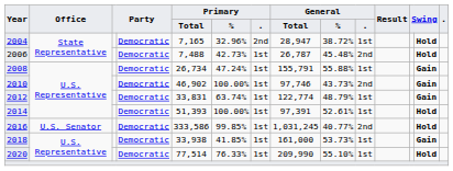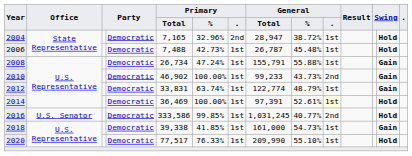 <table class="wikitable" style="font-size:90%; text-align:center;">
 <tr>
 <th style="background-color:#EAECF0;" rowspan=2>Year</th>
 <th style="background-color:#EAECF0;" rowspan=2>Office</th>
 <th style="background-color:#EAECF0;" colspan=2 rowspan=2>Party</th>
 <th style="background-color:#EAECF0;" colspan=3>Primary</th>
 <th style="background-color:#EAECF0;" colspan=3>General</th>
 <th style="background-color:#EAECF0;" rowspan=2>Result</th>
 <th style="background-color:#EAECF0;" colspan=2 rowspan=2><a href='#'>Swing</a></th>
 <th style="background-color:#EAECF0;" rowspan=2>.</th>
 </tr>
 <tr>
 <th style="background-color:#EAECF0;">Total</th>
 <th style="background-color:#EAECF0;">%</th>
 <th style="background-color:#EAECF0;">.</th>
 <th style="background-color:#EAECF0;">Total</th>
 <th style="background-color:#EAECF0;">%</th>
 <th style="background-color:#EAECF0;">.</th>
 </tr>
 <tr>
 <td style="background-color:#EAECF0;"><a href='#'>2004</a></td>
 <td rowspan=2><a href='#'>State Representative</a></td>
 <td style="background-color:"></td>
 <td><a href='#'>Democratic</a></td>
 <td>7,165</td>
 <td>32.96%</td>
 <td>2nd</td>
 <td>28,947</td>
 <td>38.72%</td>
 <td>1st</td>
 <td></td>
 <td style="background-color:"></td>
 <td><strong>Hold</strong></td>
 <td></td>
 </tr>
 <tr>
 <td style="background-color:#EAECF0;">2006</td>
 <td style="background-color:"></td>
 <td><a href='#'>Democratic</a></td>
 <td>7,488</td>
 <td>42.73%</td>
 <td>1st</td>
 <td>26,787</td>
 <td>45.48%</td>
-<td>2nd</td>
+<td>1st</td>
 <td></td>
 <td style="background-color:"></td>
 <td><strong>Hold</strong></td>
 <td></td>
 </tr>
 <tr>
 <td style="background-color:#EAECF0;"><a href='#'>2008</a></td>
 <td rowspan=4><a href='#'>U.S. Representative</a></td>
 <td style="background-color:"></td>
 <td><a href='#'>Democratic</a></td>
 <td>26,734</td>
 <td>47.24%</td>
 <td>1st</td>
 <td>155,791</td>
 <td>55.88%</td>
 <td>1st</td>
 <td></td>
 <td style="background-color:"></td>
 <td><strong>Gain</strong></td>
 <td></td>
 </tr>
 <tr>
 <td style="background-color:#EAECF0;"><a href='#'>2010</a></td>
 <td style="background-color:"></td>
 <td><a href='#'>Democratic</a></td>
 <td>46,902</td>
 <td>100.00%</td>
 <td>1st</td>
-<td>97,746</td>
+<td>99,233</td>
 <td>43.73%</td>
 <td>2nd</td>
 <td></td>
 <td style="background-color:"></td>
 <td><strong>Gain</strong></td>
 <td></td>
 </tr>
 <tr>
 <td style="background-color:#EAECF0;"><a href='#'>2012</a></td>
 <td style="background-color:"></td>
 <td><a href='#'>Democratic</a></td>
 <td>33,831</td>
 <td>63.74%</td>
 <td>1st</td>
 <td>122,774</td>
 <td>48.79%</td>
 <td>1st</td>
 <td></td>
 <td style="background-color:"></td>
 <td><strong>Gain</strong></td>
 <td></td>
 </tr>
 <tr>
 <td style="background-color:#EAECF0;"><a href='#'>2014</a></td>
 <td style="background-color:"></td>
 <td><a href='#'>Democratic</a></td>
-<td>51,393</td>
+<td>36,469</td>
 <td>100.00%</td>
 <td>1st</td>
 <td>97,391</td>
 <td>52.61%</td>
-<td>1st</td>
+<td style="background: lightyellow;">1st</td>
 <td></td>
 <td style="background-color:"></td>
 <td><strong>Hold</strong></td>
 <td></td>
 </tr>
 <tr>
 <td style="background-color:#EAECF0;"><a href='#'>2016</a></td>
 <td><a href='#'>U.S. Senator</a></td>
 <td style="background-color:"></td>
 <td><a href='#'>Democratic</a></td>
 <td>333,586</td>
 <td>99.85%</td>
 <td>1st</td>
 <td>1,031,245</td>
 <td>40.77%</td>
 <td>2nd</td>
 <td></td>
 <td style="background-color:"></td>
 <td><strong>Hold</strong></td>
 <td></td>
 </tr>
 <tr>
 <td style="background-color:#EAECF0;"><a href='#'>2018</a></td>
 <td rowspan=2><a href='#'>U.S. Representative</a></td>
 <td style="background-color:"></td>
 <td><a href='#'>Democratic</a></td>
-<td>33,938</td>
+<td>39,338</td>
 <td>41.85%</td>
 <td>1st</td>
 <td>161,000</td>
-<td>53.73%</td>
+<td>54.73%</td>
 <td>1st</td>
 <td></td>
 <td style="background-color:"></td>
 <td><strong>Gain</strong></td>
 <td></td>
 </tr>
 <tr>
 <td style="background-color:#EAECF0;"><a href='#'>2020</a></td>
 <td style="background-color:"></td>
 <td><a href='#'>Democratic</a></td>
-<td>77,514</td>
+<td>77,517</td>
 <td>76.33%</td>
 <td>1st</td>
 <td>209,990</td>
 <td>55.10%</td>
 <td>1st</td>
 <td></td>
 <td style="background-color:"></td>
 <td><strong>Hold</strong></td>
 <td></td>
 </tr>
 <tr>
 <td style="background-color:#EAECF0;" colspan=14></td>
 </tr>
 </table>
